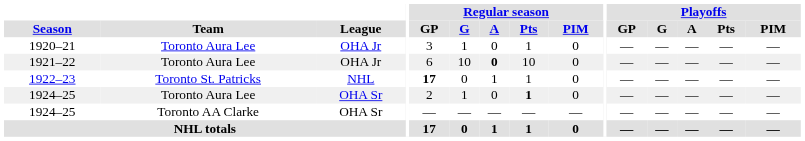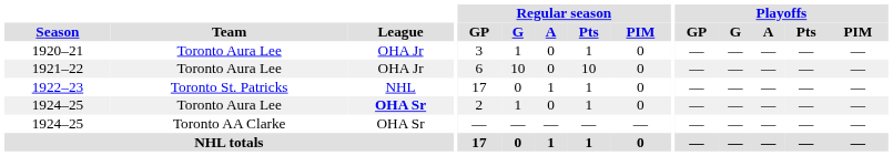 <table border="0" cellpadding="1" cellspacing="0" style="text-align:center; width:60em">
 <tr bgcolor="#e0e0e0">
 <th colspan="3" bgcolor="#ffffff"></th>
 <th rowspan="100" bgcolor="#ffffff"></th>
 <th colspan="5"><a href='#'>Regular season</a></th>
 <th rowspan="100" bgcolor="#ffffff"></th>
 <th colspan="5"><a href='#'>Playoffs</a></th>
 </tr>
 <tr bgcolor="#e0e0e0">
 <th><a href='#'>Season</a></th>
 <th>Team</th>
 <th>League</th>
 <th>GP</th>
 <th><a href='#'>G</a></th>
 <th><a href='#'>A</a></th>
 <th><a href='#'>Pts</a></th>
 <th><a href='#'>PIM</a></th>
 <th>GP</th>
 <th>G</th>
 <th>A</th>
 <th>Pts</th>
 <th>PIM</th>
 </tr>
 <tr>
 <td>1920–21</td>
 <td><a href='#'>Toronto Aura Lee</a></td>
 <td><a href='#'>OHA Jr</a></td>
 <td>3</td>
 <td>1</td>
 <td>0</td>
 <td>1</td>
 <td>0</td>
 <td>—</td>
 <td>—</td>
 <td>—</td>
 <td>—</td>
 <td>—</td>
 </tr>
 <tr bgcolor="#f0f0f0">
 <td>1921–22</td>
 <td>Toronto Aura Lee</td>
 <td>OHA Jr</td>
 <td>6</td>
 <td>10</td>
-<td><strong>0</strong></td>
+<td>0</td>
 <td>10</td>
 <td>0</td>
 <td>—</td>
 <td>—</td>
 <td>—</td>
 <td>—</td>
 <td>—</td>
 </tr>
 <tr>
 <td><a href='#'>1922–23</a></td>
 <td><a href='#'>Toronto St. Patricks</a></td>
 <td><a href='#'>NHL</a></td>
-<td><strong>17</strong></td>
+<td>17</td>
 <td>0</td>
 <td>1</td>
 <td>1</td>
 <td>0</td>
 <td>—</td>
 <td>—</td>
 <td>—</td>
 <td>—</td>
 <td>—</td>
 </tr>
 <tr bgcolor="#f0f0f0">
 <td>1924–25</td>
 <td>Toronto Aura Lee</td>
-<td><a href='#'>OHA Sr</a></td>
+<td><strong><a href='#'>OHA Sr</a></strong></td>
 <td>2</td>
 <td>1</td>
 <td>0</td>
-<td><strong>1</strong></td>
+<td>1</td>
 <td>0</td>
 <td>—</td>
 <td>—</td>
 <td>—</td>
 <td>—</td>
 <td>—</td>
 </tr>
 <tr>
 <td>1924–25</td>
 <td>Toronto AA Clarke</td>
 <td>OHA Sr</td>
 <td>—</td>
 <td>—</td>
 <td>—</td>
 <td>—</td>
 <td>—</td>
 <td>—</td>
 <td>—</td>
 <td>—</td>
 <td>—</td>
 <td>—</td>
 </tr>
 <tr bgcolor="#e0e0e0">
 <th colspan="3">NHL totals</th>
 <th>17</th>
 <th>0</th>
 <th>1</th>
 <th>1</th>
 <th>0</th>
 <th>—</th>
 <th>—</th>
 <th>—</th>
 <th>—</th>
 <th>—</th>
 </tr>
 </table>
